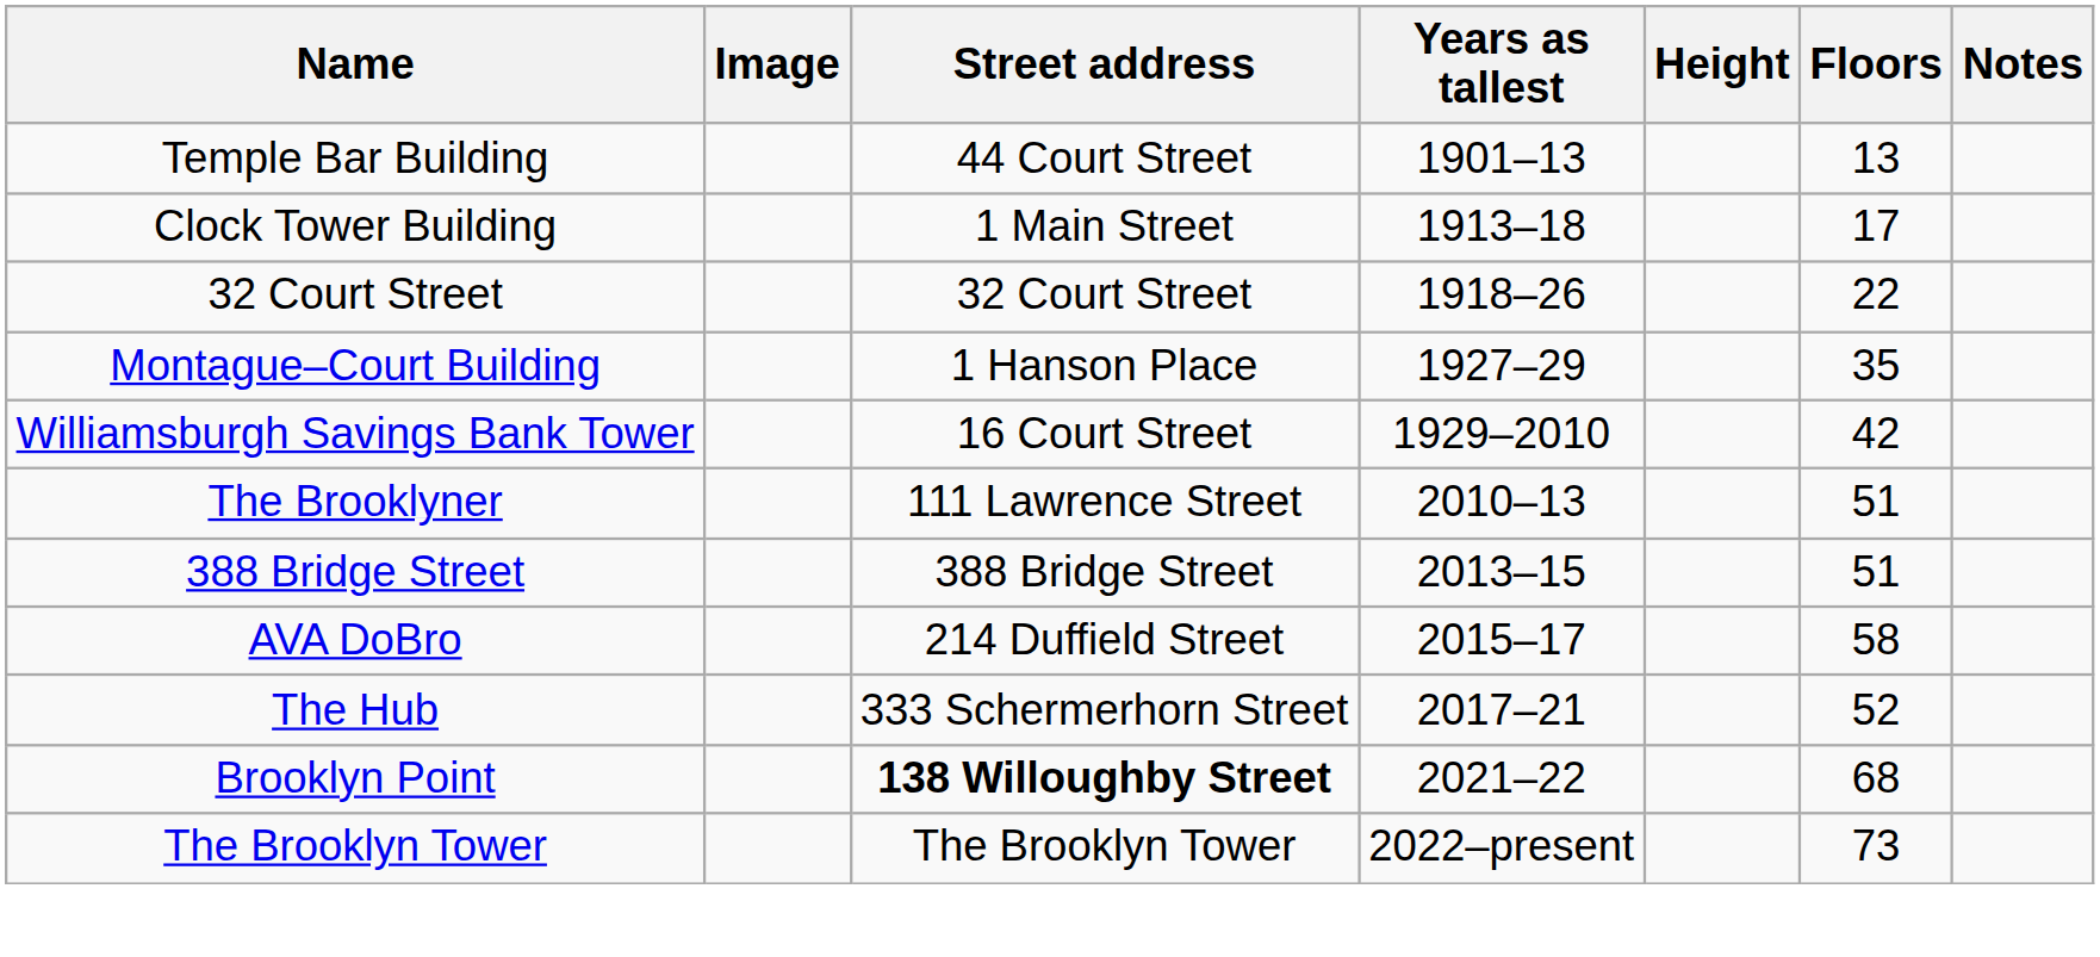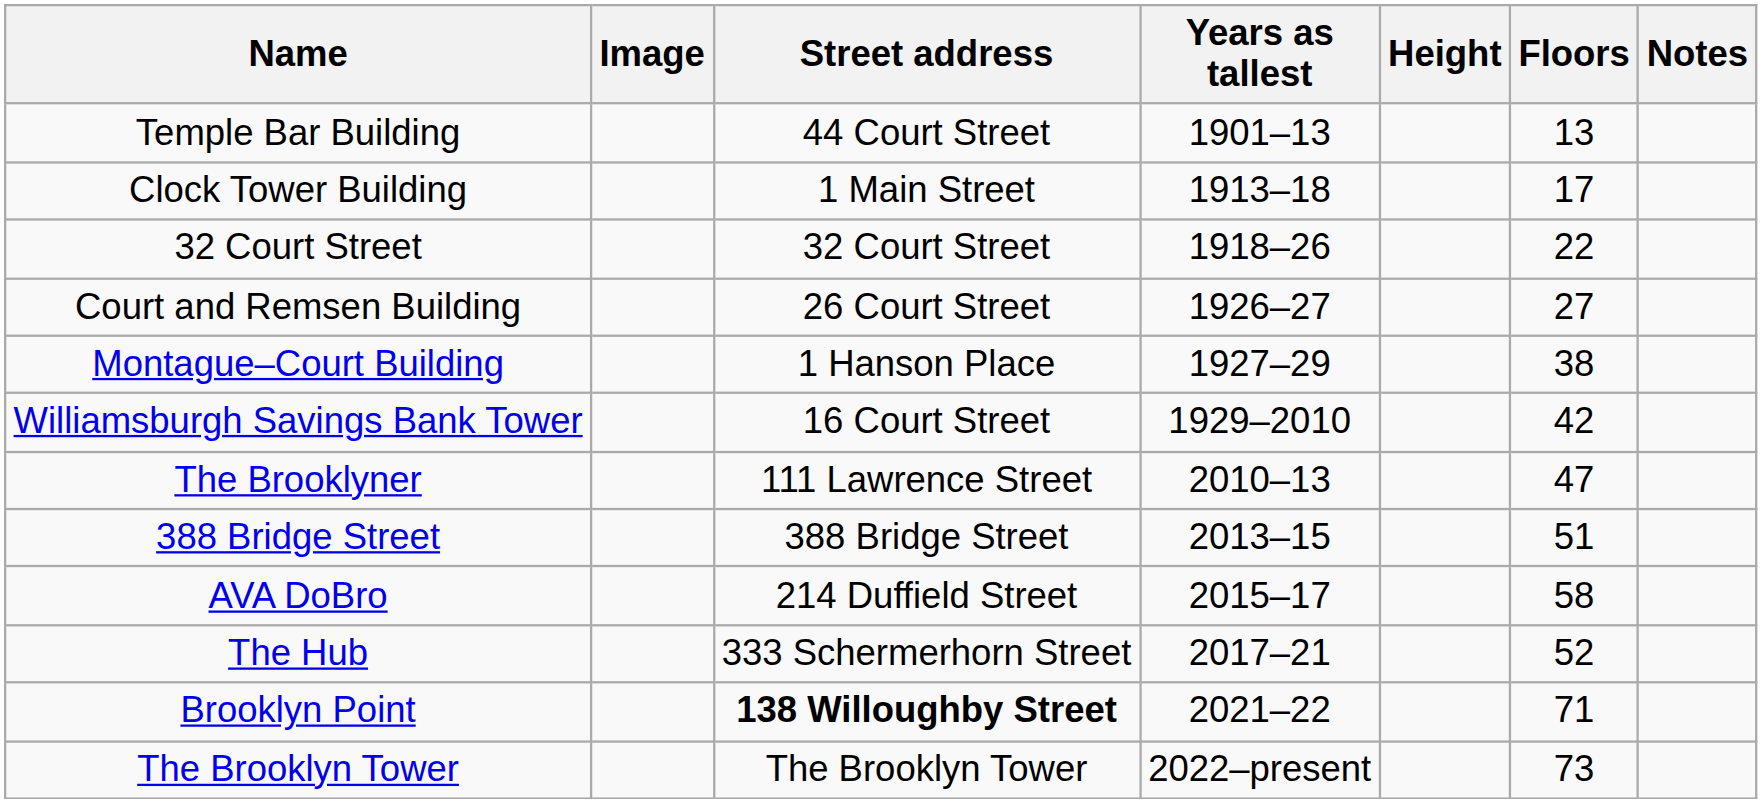 <table class="wikitable sortable" style="text-align:center">
 <tr>
 <th>Name</th>
 <th class="unsortable">Image</th>
 <th>Street address</th>
 <th>Years as<br>tallest</th>
 <th data-sort-type="number">Height<br></th>
 <th>Floors</th>
 <th class="unsortable">Notes</th>
 </tr>
 <tr>
 <td>Temple Bar Building</td>
 <td></td>
 <td>44 Court Street</td>
 <td>1901–13</td>
 <td></td>
 <td>13</td>
 <td></td>
 </tr>
 <tr>
 <td>Clock Tower Building</td>
 <td></td>
 <td>1 Main Street</td>
 <td>1913–18</td>
 <td></td>
 <td>17</td>
 <td></td>
 </tr>
 <tr>
 <td>32 Court Street</td>
 <td></td>
 <td>32 Court Street</td>
 <td>1918–26</td>
 <td></td>
 <td>22</td>
 <td></td>
 </tr>
 <tr>
+<td>Court and Remsen Building</td>
+<td></td>
+<td>26 Court Street</td>
+<td>1926–27</td>
+<td></td>
+<td>27</td>
+<td></td>
+</tr>
+<tr>
 <td><a href='#'>Montague–Court Building</a></td>
 <td></td>
 <td>1 Hanson Place</td>
 <td>1927–29</td>
 <td></td>
-<td>35</td>
+<td>38</td>
 <td></td>
 </tr>
 <tr>
 <td><a href='#'>Williamsburgh Savings Bank Tower</a></td>
 <td></td>
 <td>16 Court Street</td>
 <td>1929–2010</td>
 <td></td>
 <td>42</td>
 <td></td>
 </tr>
 <tr>
 <td><a href='#'>The Brooklyner</a></td>
 <td></td>
 <td>111 Lawrence Street</td>
 <td>2010–13</td>
 <td></td>
-<td>51</td>
+<td>47</td>
 <td></td>
 </tr>
 <tr>
 <td><a href='#'>388 Bridge Street</a></td>
 <td></td>
 <td>388 Bridge Street</td>
 <td>2013–15</td>
 <td></td>
 <td>51</td>
 <td></td>
 </tr>
 <tr>
 <td><a href='#'>AVA DoBro</a></td>
 <td></td>
 <td>214 Duffield Street</td>
 <td>2015–17</td>
 <td></td>
 <td>58</td>
 <td></td>
 </tr>
 <tr>
 <td><a href='#'>The Hub</a></td>
 <td></td>
 <td>333 Schermerhorn Street</td>
 <td>2017–21</td>
 <td></td>
 <td>52</td>
 <td></td>
 </tr>
 <tr>
 <td><a href='#'>Brooklyn Point</a></td>
 <td></td>
 <td><strong>138 Willoughby Street</strong></td>
 <td>2021–22</td>
 <td></td>
-<td>68</td>
+<td>71</td>
 <td></td>
 </tr>
 <tr>
 <td><a href='#'>The Brooklyn Tower</a></td>
 <td></td>
 <td>The Brooklyn Tower</td>
 <td>2022–present</td>
 <td></td>
 <td>73</td>
 <td></td>
 </tr>
 </table>
